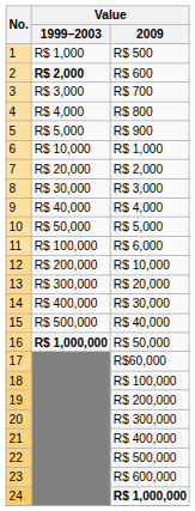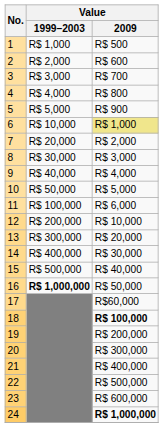 <table class="wikitable" align=right style="font-size: 85%">
 <tr>
 <th rowspan="2">No.</th>
 <th colspan="2">Value</th>
 </tr>
 <tr>
 <th>1999–2003</th>
 <th>2009</th>
 </tr>
 <tr>
 <td style="background: #FFE09F">1</td>
 <td>R$ 1,000</td>
 <td>R$ 500</td>
 </tr>
 <tr>
 <td style="background: #FFE09F">2</td>
-<td><strong>R$ 2,000</strong></td>
+<td>R$ 2,000</td>
 <td>R$ 600</td>
 </tr>
 <tr>
 <td style="background: #FFE09F">3</td>
 <td>R$ 3,000</td>
 <td>R$ 700</td>
 </tr>
 <tr>
 <td style="background: #FFE09F">4</td>
 <td>R$ 4,000</td>
 <td>R$ 800</td>
 </tr>
 <tr>
 <td style="background: #FFE09F">5</td>
 <td>R$ 5,000</td>
 <td>R$ 900</td>
 </tr>
 <tr>
 <td style="background: #FFE09F">6</td>
 <td>R$ 10,000</td>
-<td>R$ 1,000</td>
+<td style="background: khaki;">R$ 1,000</td>
 </tr>
 <tr>
 <td style="background: #FFE09F">7</td>
 <td>R$ 20,000</td>
 <td>R$ 2,000</td>
 </tr>
 <tr>
 <td style="background: #FFE09F">8</td>
 <td>R$ 30,000</td>
 <td>R$ 3,000</td>
 </tr>
 <tr>
 <td style="background: #FFE09F">9</td>
 <td>R$ 40,000</td>
 <td>R$ 4,000</td>
 </tr>
 <tr>
 <td style="background: #FFE09F">10</td>
 <td>R$ 50,000</td>
 <td>R$ 5,000</td>
 </tr>
 <tr>
 <td style="background: #FFE09F">11</td>
 <td>R$ 100,000</td>
 <td>R$ 6,000</td>
 </tr>
 <tr>
 <td style="background: #FFDA8C">12</td>
 <td>R$ 200,000</td>
 <td>R$ 10,000</td>
 </tr>
 <tr>
 <td style="background: #FFDA8C">13</td>
 <td>R$ 300,000</td>
 <td>R$ 20,000</td>
 </tr>
 <tr>
 <td style="background: #FFDA8C">14</td>
 <td>R$ 400,000</td>
 <td>R$ 30,000</td>
 </tr>
 <tr>
 <td style="background: #FFDA8C">15</td>
 <td>R$ 500,000</td>
 <td>R$ 40,000</td>
 </tr>
 <tr>
 <td style="background: #FFDA8C">16</td>
 <td><strong>R$ 1,000,000</strong></td>
 <td>R$ 50,000</td>
 </tr>
 <tr>
 <td style="background: #FFDA8C">17</td>
 <td rowspan="8" bgcolor="gray"></td>
 <td>R$60,000</td>
 </tr>
 <tr>
 <td style="background: #FFD275">18</td>
-<td>R$ 100,000</td>
+<td><strong>R$ 100,000</strong></td>
 </tr>
 <tr>
 <td style="background: #FFD275">19</td>
 <td>R$ 200,000</td>
 </tr>
 <tr>
 <td style="background: #FFD275">20</td>
 <td>R$ 300,000</td>
 </tr>
 <tr>
 <td style="background: #FFD275">21</td>
 <td>R$ 400,000</td>
 </tr>
 <tr>
 <td style="background: #FFD275">22</td>
 <td>R$ 500,000</td>
 </tr>
 <tr>
 <td style="background: #FFD275">23</td>
 <td>R$ 600,000</td>
 </tr>
 <tr>
 <td style="background: #FFCC66">24</td>
 <td><strong>R$ 1,000,000</strong></td>
 </tr>
 <tr>
 </tr>
 </table>
